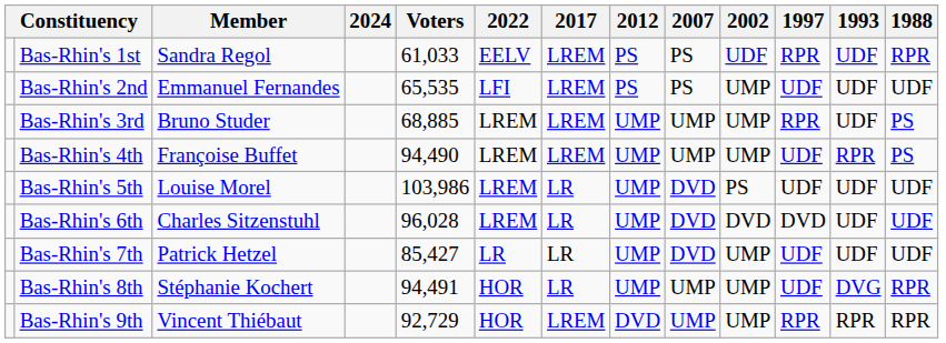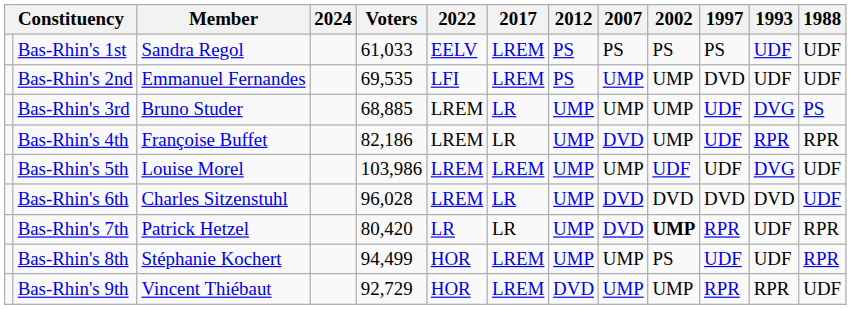 <table class="wikitable sortable">
 <tr>
 <th colspan="2">Constituency</th>
 <th>Member</th>
 <th>2024</th>
 <th>Voters</th>
 <th>2022</th>
 <th>2017</th>
 <th>2012</th>
 <th>2007</th>
 <th>2002</th>
 <th>1997</th>
 <th>1993</th>
 <th>1988</th>
 </tr>
 <tr>
 <td style="background-color: "></td>
 <td><a href='#'>Bas-Rhin's 1st</a></td>
 <td><a href='#'>Sandra Regol</a></td>
 <td></td>
 <td>61,033</td>
 <td><a href='#'>EELV</a></td>
 <td><a href='#'>LREM</a></td>
 <td><a href='#'>PS</a></td>
 <td>PS</td>
+<td>PS</td>
+<td>PS</td>
 <td><a href='#'>UDF</a></td>
-<td><a href='#'>RPR</a></td>
-<td><a href='#'>UDF</a></td>
-<td><a href='#'>RPR</a></td>
+<td>UDF</td>
 </tr>
 <tr>
 <td style="background-color: "></td>
 <td><a href='#'>Bas-Rhin's 2nd</a></td>
 <td><a href='#'>Emmanuel Fernandes</a></td>
 <td></td>
-<td>65,535</td>
+<td>69,535</td>
 <td><a href='#'>LFI</a></td>
 <td><a href='#'>LREM</a></td>
 <td><a href='#'>PS</a></td>
-<td>PS</td>
+<td><a href='#'>UMP</a></td>
 <td>UMP</td>
-<td><a href='#'>UDF</a></td>
+<td>DVD</td>
 <td>UDF</td>
 <td>UDF</td>
 </tr>
 <tr>
 <td style="background-color: "></td>
 <td><a href='#'>Bas-Rhin's 3rd</a></td>
 <td><a href='#'>Bruno Studer</a></td>
 <td></td>
 <td>68,885</td>
 <td>LREM</td>
-<td><a href='#'>LREM</a></td>
+<td><a href='#'>LR</a></td>
 <td><a href='#'>UMP</a></td>
 <td>UMP</td>
 <td>UMP</td>
-<td><a href='#'>RPR</a></td>
-<td>UDF</td>
+<td><a href='#'>UDF</a></td>
+<td><a href='#'>DVG</a></td>
 <td><a href='#'>PS</a></td>
 </tr>
 <tr>
 <td style="background-color: "></td>
 <td><a href='#'>Bas-Rhin's 4th</a></td>
 <td><a href='#'>Françoise Buffet</a></td>
 <td></td>
-<td>94,490</td>
+<td>82,186</td>
 <td>LREM</td>
-<td><a href='#'>LREM</a></td>
+<td>LR</td>
 <td><a href='#'>UMP</a></td>
-<td>UMP</td>
+<td><a href='#'>DVD</a></td>
 <td>UMP</td>
 <td><a href='#'>UDF</a></td>
 <td><a href='#'>RPR</a></td>
-<td><a href='#'>PS</a></td>
+<td>RPR</td>
 </tr>
 <tr>
 <td style="background-color: "></td>
 <td><a href='#'>Bas-Rhin's 5th</a></td>
 <td><a href='#'>Louise Morel</a></td>
 <td></td>
 <td>103,986</td>
 <td><a href='#'>LREM</a></td>
-<td><a href='#'>LR</a></td>
+<td><a href='#'>LREM</a></td>
 <td><a href='#'>UMP</a></td>
-<td><a href='#'>DVD</a></td>
-<td>PS</td>
+<td>UMP</td>
+<td><a href='#'>UDF</a></td>
 <td>UDF</td>
-<td>UDF</td>
+<td><a href='#'>DVG</a></td>
 <td>UDF</td>
 </tr>
 <tr>
 <td style="background-color: "></td>
 <td><a href='#'>Bas-Rhin's 6th</a></td>
 <td><a href='#'>Charles Sitzenstuhl</a></td>
 <td></td>
 <td>96,028</td>
 <td><a href='#'>LREM</a></td>
 <td><a href='#'>LR</a></td>
 <td><a href='#'>UMP</a></td>
 <td><a href='#'>DVD</a></td>
 <td>DVD</td>
 <td>DVD</td>
-<td>UDF</td>
+<td>DVD</td>
 <td><a href='#'>UDF</a></td>
 </tr>
 <tr>
 <td style="background-color: "></td>
 <td><a href='#'>Bas-Rhin's 7th</a></td>
 <td><a href='#'>Patrick Hetzel</a></td>
 <td></td>
-<td>85,427</td>
+<td>80,420</td>
 <td><a href='#'>LR</a></td>
 <td>LR</td>
 <td><a href='#'>UMP</a></td>
 <td><a href='#'>DVD</a></td>
-<td>UMP</td>
-<td><a href='#'>UDF</a></td>
+<td><strong>UMP</strong></td>
+<td><a href='#'>RPR</a></td>
 <td>UDF</td>
-<td>UDF</td>
+<td>RPR</td>
 </tr>
 <tr>
 <td style="background-color: "></td>
 <td><a href='#'>Bas-Rhin's 8th</a></td>
 <td><a href='#'>Stéphanie Kochert</a></td>
 <td></td>
-<td>94,491</td>
+<td>94,499</td>
 <td><a href='#'>HOR</a></td>
-<td><a href='#'>LR</a></td>
+<td><a href='#'>LREM</a></td>
 <td><a href='#'>UMP</a></td>
 <td>UMP</td>
-<td>UMP</td>
+<td>PS</td>
 <td><a href='#'>UDF</a></td>
-<td><a href='#'>DVG</a></td>
+<td>UDF</td>
 <td><a href='#'>RPR</a></td>
 </tr>
 <tr>
 <td style="background-color: "></td>
 <td><a href='#'>Bas-Rhin's 9th</a></td>
 <td><a href='#'>Vincent Thiébaut</a></td>
 <td></td>
 <td>92,729</td>
 <td><a href='#'>HOR</a></td>
 <td><a href='#'>LREM</a></td>
 <td><a href='#'>DVD</a></td>
 <td><a href='#'>UMP</a></td>
 <td>UMP</td>
 <td><a href='#'>RPR</a></td>
 <td>RPR</td>
-<td>RPR</td>
+<td>UDF</td>
 </tr>
 </table>
